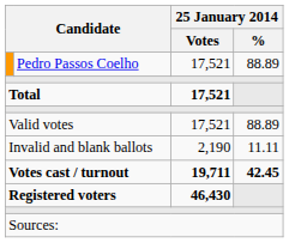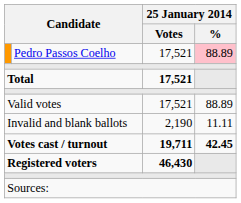 <table class="wikitable" style="text-align:right; font-size:97%;">
 <tr>
 <th rowspan="2" colspan="2" width="170">Candidate</th>
 <th colspan="2">25 January 2014</th>
 </tr>
 <tr>
 <th width="60">Votes</th>
 <th width="45">%</th>
 </tr>
 <tr>
 <td style="color:inherit;background:#FF9900"></td>
 <td align="left"><a href='#'>Pedro Passos Coelho</a></td>
 <td>17,521</td>
-<td>88.89</td>
+<td style="background: pink;">88.89</td>
 </tr>
 <tr>
 <td colspan="4" bgcolor="#E9E9E9"></td>
 </tr>
 <tr style="font-weight:bold;">
 <td align="left" colspan="2">Total</td>
 <td>17,521</td>
 <td bgcolor="#E9E9E9"></td>
 </tr>
 <tr>
 <td colspan="4" bgcolor="#E9E9E9"></td>
 </tr>
 <tr>
 <td align="left" colspan="2">Valid votes</td>
 <td>17,521</td>
 <td>88.89</td>
 </tr>
 <tr>
 <td align="left" colspan="2">Invalid and blank ballots</td>
 <td>2,190</td>
 <td>11.11</td>
 </tr>
 <tr style="font-weight:bold;">
 <td align="left" colspan="2">Votes cast / turnout</td>
 <td>19,711</td>
 <td>42.45</td>
 </tr>
 <tr style="font-weight:bold;">
 <td align="left" colspan="2">Registered voters</td>
 <td>46,430</td>
 <td bgcolor="#E9E9E9"></td>
 </tr>
 <tr>
 <td colspan="4" bgcolor="#E9E9E9"></td>
 </tr>
 <tr>
 <td align="left" colspan="6">Sources: </td>
 </tr>
 </table>
